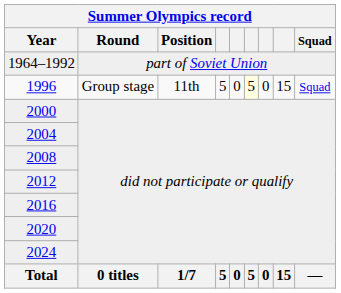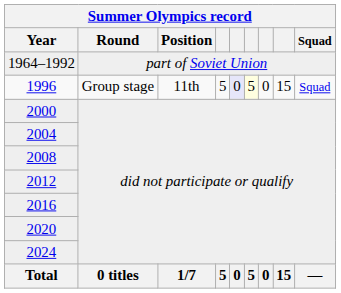 <table class="wikitable" style="text-align: center;">
 <tr>
 <th colspan=9><a href='#'>Summer Olympics record</a></th>
 </tr>
 <tr>
 <th>Year</th>
 <th>Round</th>
 <th>Position</th>
 <th></th>
 <th></th>
 <th></th>
 <th></th>
 <th></th>
 <th><small>Squad</small></th>
 </tr>
 <tr bgcolor="efefef">
 <td>1964–1992</td>
 <td colspan=8><em>part of <a href='#'>Soviet Union</a></em></td>
 </tr>
 <tr>
 <td> <a href='#'>1996</a></td>
 <td>Group stage</td>
 <td>11th</td>
 <td>5</td>
-<td>0</td>
+<td style="background: lavender;">0</td>
 <td style="background: lightyellow;">5</td>
 <td>0</td>
 <td>15</td>
 <td><small><a href='#'>Squad</a></small></td>
 </tr>
 <tr bgcolor="efefef">
 <td> <a href='#'>2000</a></td>
 <td colspan=9 rowspan=7><em>did not participate or qualify</em></td>
 </tr>
 <tr bgcolor="efefef">
 <td> <a href='#'>2004</a></td>
 </tr>
 <tr bgcolor="efefef">
 <td> <a href='#'>2008</a></td>
 </tr>
 <tr bgcolor="efefef">
 <td> <a href='#'>2012</a></td>
 </tr>
 <tr bgcolor="efefef">
 <td> <a href='#'>2016</a></td>
 </tr>
 <tr bgcolor="efefef">
 <td> <a href='#'>2020</a></td>
 </tr>
 <tr bgcolor="efefef">
 <td> <a href='#'>2024</a></td>
 </tr>
 <tr>
 <th>Total</th>
 <th>0 titles</th>
 <th>1/7</th>
 <th>5</th>
 <th>0</th>
 <th>5</th>
 <th>0</th>
 <th>15</th>
 <th>—</th>
 </tr>
 </table>
